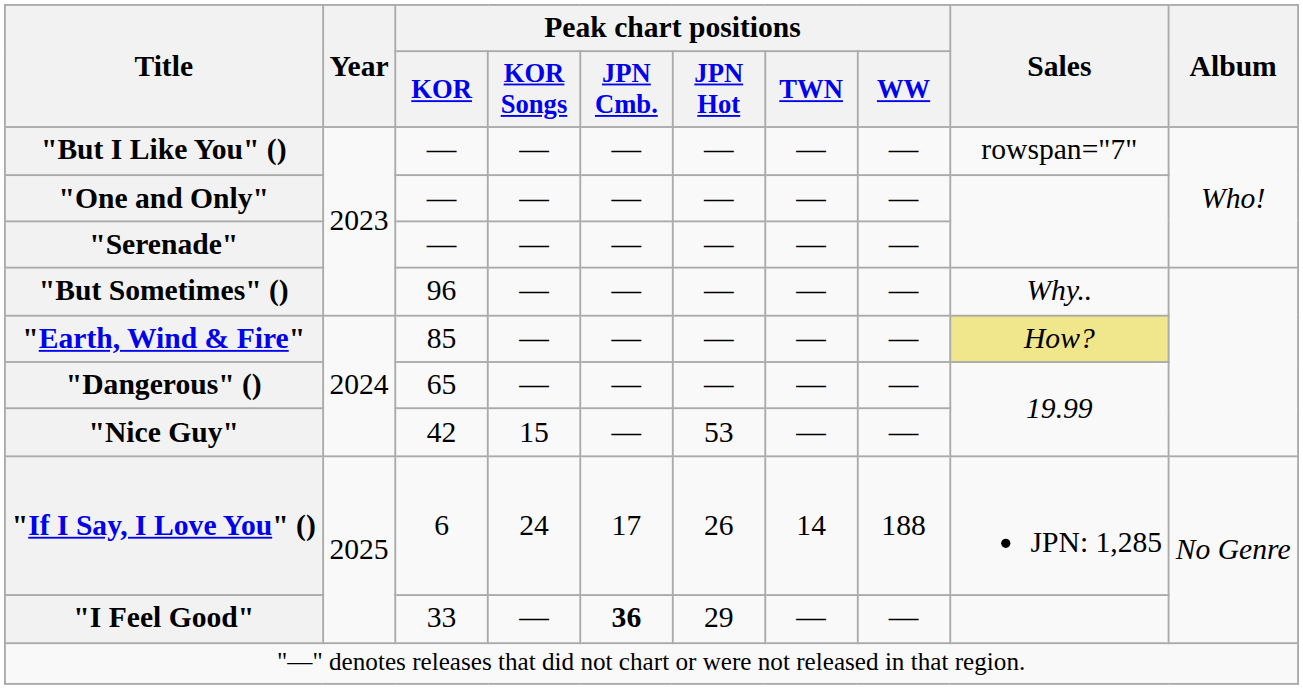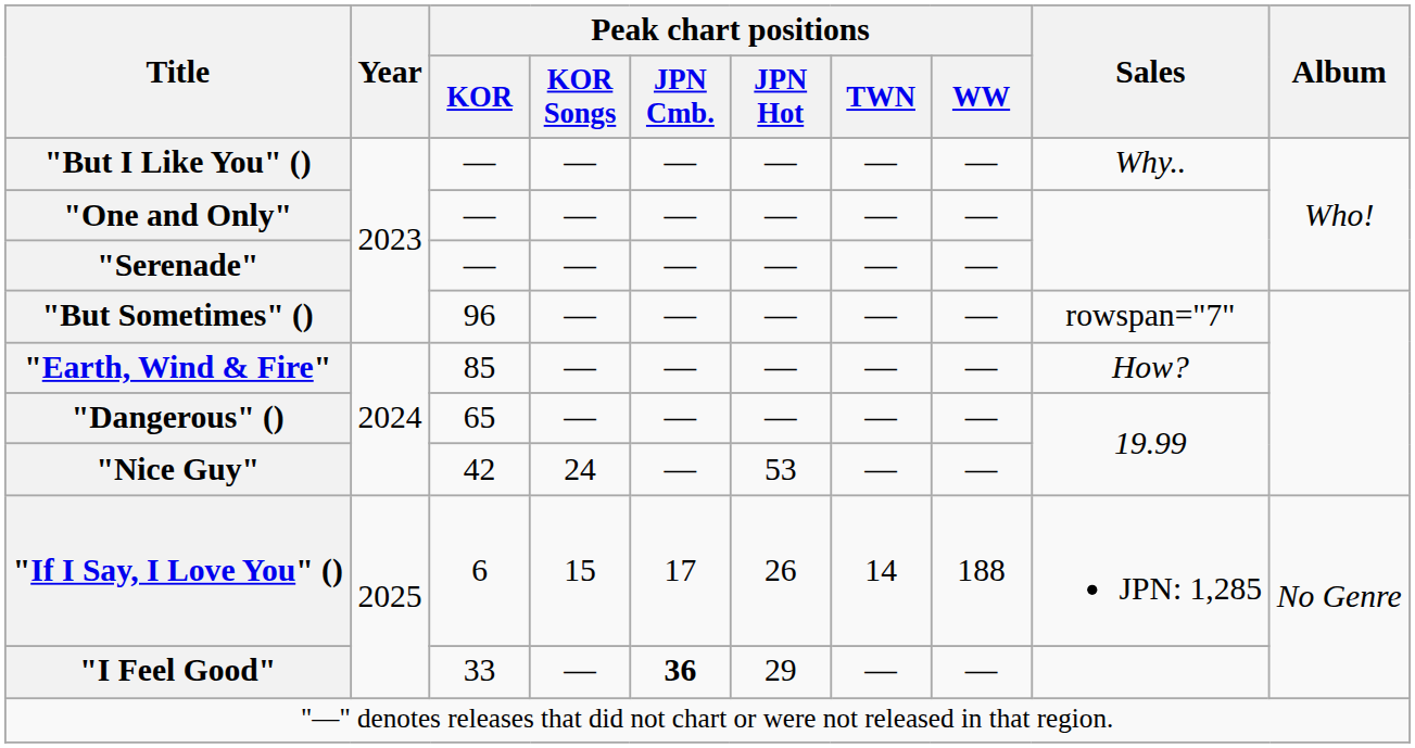 <table class="wikitable plainrowheaders" style="text-align:center">
 <tr>
 <th scope="col" rowspan="2">Title</th>
 <th scope="col" rowspan="2">Year</th>
 <th scope="col" colspan="6">Peak chart positions</th>
 <th scope="col" rowspan="2">Sales</th>
 <th scope="col" rowspan="2">Album</th>
 </tr>
 <tr>
 <th scope="col" style="width:3em;font-size:90%"><a href='#'>KOR</a><br></th>
 <th scope="col" style="width:3em;font-size:90%"><a href='#'>KOR<br>Songs</a><br></th>
 <th scope="col" style="width:3em;font-size:90%"><a href='#'>JPN<br>Cmb.</a><br></th>
 <th scope="col" style="width:3em;font-size:90%"><a href='#'>JPN<br>Hot</a><br></th>
 <th scope="col" style="width:3em;font-size:90%"><a href='#'>TWN</a><br></th>
 <th scope="col" style="width:3em;font-size:90%"><a href='#'>WW</a><br></th>
 </tr>
 <tr>
 <th scope="row">"But I Like You" ()</th>
 <td rowspan="4">2023</td>
 <td>—</td>
 <td>—</td>
 <td>—</td>
 <td>—</td>
 <td>—</td>
 <td>—</td>
-<td>rowspan="7" </td>
+<td><em>Why..</em></td>
 <td rowspan="3"><em>Who!</em></td>
 </tr>
 <tr>
 <th scope="row">"One and Only"</th>
 <td>—</td>
 <td>—</td>
 <td>—</td>
 <td>—</td>
 <td>—</td>
 <td>—</td>
 </tr>
 <tr>
 <th scope="row">"Serenade"</th>
 <td>—</td>
 <td>—</td>
 <td>—</td>
 <td>—</td>
 <td>—</td>
 <td>—</td>
 </tr>
 <tr>
 <th scope="row">"But Sometimes" ()</th>
 <td>96</td>
 <td>—</td>
 <td>—</td>
 <td>—</td>
 <td>—</td>
 <td>—</td>
-<td><em>Why..</em></td>
+<td>rowspan="7" </td>
 </tr>
 <tr>
 <th scope="row">"<a href='#'>Earth, Wind & Fire</a>"</th>
 <td rowspan="3">2024</td>
 <td>85</td>
 <td>—</td>
 <td>—</td>
 <td>—</td>
 <td>—</td>
 <td>—</td>
-<td style="background: khaki;"><em>How?</em></td>
+<td><em>How?</em></td>
 </tr>
 <tr>
 <th scope="row">"Dangerous" ()</th>
 <td>65</td>
 <td>—</td>
 <td>—</td>
 <td>—</td>
 <td>—</td>
 <td>—</td>
 <td rowspan="2"><em>19.99</em></td>
 </tr>
 <tr>
 <th scope="row">"Nice Guy"</th>
 <td>42</td>
-<td>15</td>
+<td>24</td>
 <td>—</td>
 <td>53</td>
 <td>—</td>
 <td>—</td>
 </tr>
 <tr>
 <th scope="row">"<a href='#'>If I Say, I Love You</a>" ()</th>
 <td rowspan="2">2025</td>
 <td>6</td>
-<td>24</td>
+<td>15</td>
 <td>17</td>
 <td>26</td>
 <td>14</td>
 <td>188</td>
 <td><br><ul><li>JPN: 1,285 </li></ul></td>
 <td rowspan="2"><em>No Genre</em></td>
 </tr>
 <tr>
 <th scope="row">"I Feel Good"</th>
 <td>33</td>
 <td>—</td>
 <td><strong>36</strong></td>
 <td>29</td>
 <td>—</td>
 <td>—</td>
 <td></td>
 </tr>
 <tr>
 <td colspan="10" style="font-size:85%">"—" denotes releases that did not chart or were not released in that region.</td>
 </tr>
 </table>
